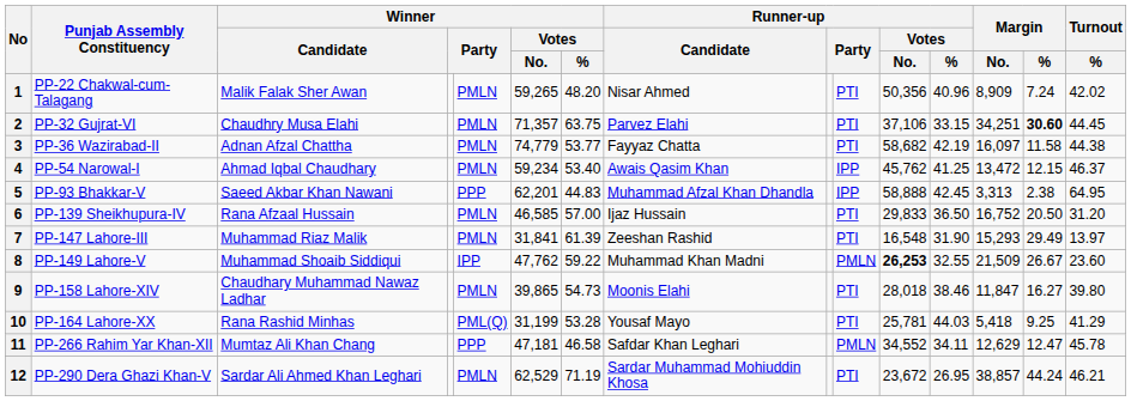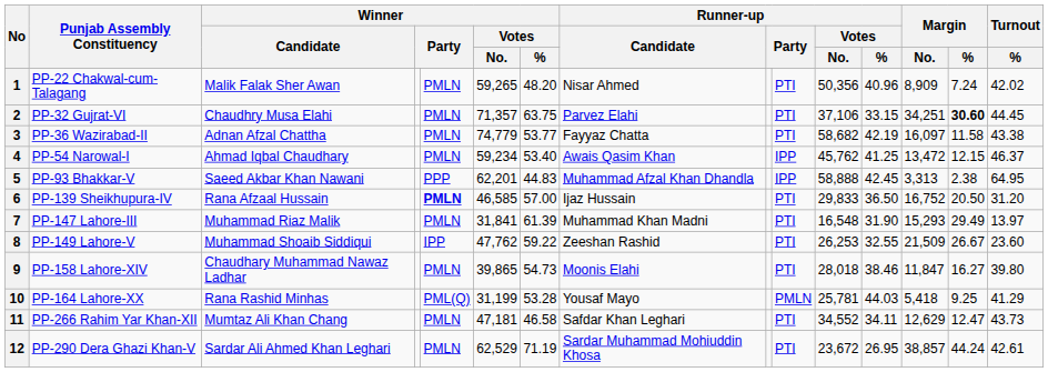 <table class="wikitable sortable">
 <tr>
 <th rowspan="3">No</th>
 <th rowspan="3"><a href='#'>Punjab Assembly</a><br>Constituency</th>
 <th colspan="5">Winner</th>
 <th colspan="5">Runner-up</th>
 <th colspan="2" rowspan="2">Margin</th>
 <th rowspan="2">Turnout</th>
 </tr>
 <tr>
 <th rowspan="2">Candidate</th>
 <th colspan="2" rowspan="2">Party</th>
 <th colspan="2">Votes</th>
 <th rowspan="2">Candidate</th>
 <th colspan="2" rowspan="2">Party</th>
 <th colspan="2">Votes</th>
 </tr>
 <tr>
 <th>No.</th>
 <th>%</th>
 <th>No.</th>
 <th>%</th>
 <th>No.</th>
 <th>%</th>
 <th>%</th>
 </tr>
 <tr>
 <th>1</th>
 <td><a href='#'>PP-22 Chakwal-cum-Talagang</a></td>
 <td><a href='#'>Malik Falak Sher Awan</a></td>
 <td></td>
 <td><a href='#'>PMLN</a></td>
 <td>59,265</td>
 <td>48.20</td>
 <td>Nisar Ahmed</td>
 <td></td>
 <td><a href='#'>PTI</a></td>
 <td>50,356</td>
 <td>40.96</td>
 <td>8,909</td>
 <td>7.24</td>
 <td>42.02</td>
 </tr>
 <tr>
 <th>2</th>
 <td><a href='#'>PP-32 Gujrat-VI</a></td>
 <td><a href='#'>Chaudhry Musa Elahi</a></td>
 <td></td>
 <td><a href='#'>PMLN</a></td>
 <td>71,357</td>
 <td>63.75</td>
 <td><a href='#'>Parvez Elahi</a></td>
 <td></td>
 <td><a href='#'>PTI</a></td>
 <td>37,106</td>
 <td>33.15</td>
 <td>34,251</td>
 <td><strong>30.60</strong></td>
 <td>44.45</td>
 </tr>
 <tr>
 <th>3</th>
 <td><a href='#'>PP-36 Wazirabad-II</a></td>
 <td><a href='#'>Adnan Afzal Chattha</a></td>
 <td></td>
 <td><a href='#'>PMLN</a></td>
 <td>74,779</td>
 <td>53.77</td>
 <td>Fayyaz Chatta</td>
 <td></td>
 <td><a href='#'>PTI</a></td>
 <td>58,682</td>
 <td>42.19</td>
 <td>16,097</td>
 <td>11.58</td>
-<td>44.38</td>
+<td>43.38</td>
 </tr>
 <tr>
 <th>4</th>
 <td><a href='#'>PP-54 Narowal-I</a></td>
 <td><a href='#'>Ahmad Iqbal Chaudhary</a></td>
 <td></td>
 <td><a href='#'>PMLN</a></td>
 <td>59,234</td>
 <td>53.40</td>
 <td><a href='#'>Awais Qasim Khan</a></td>
 <td></td>
 <td><a href='#'>IPP</a></td>
 <td>45,762</td>
 <td>41.25</td>
 <td>13,472</td>
 <td>12.15</td>
 <td>46.37</td>
 </tr>
 <tr>
 <th>5</th>
 <td><a href='#'>PP-93 Bhakkar-V</a></td>
 <td><a href='#'>Saeed Akbar Khan Nawani</a></td>
 <td></td>
 <td><a href='#'>PPP</a></td>
 <td>62,201</td>
 <td>44.83</td>
 <td><a href='#'>Muhammad Afzal Khan Dhandla</a></td>
 <td></td>
 <td><a href='#'>IPP</a></td>
 <td>58,888</td>
 <td>42.45</td>
 <td>3,313</td>
 <td>2.38</td>
 <td>64.95</td>
 </tr>
 <tr>
 <th>6</th>
 <td><a href='#'>PP-139 Sheikhupura-IV</a></td>
 <td><a href='#'>Rana Afzaal Hussain</a></td>
 <td></td>
-<td><a href='#'>PMLN</a></td>
+<td><strong><a href='#'>PMLN</a></strong></td>
 <td>46,585</td>
 <td>57.00</td>
 <td>Ijaz Hussain</td>
 <td></td>
 <td><a href='#'>PTI</a></td>
 <td>29,833</td>
 <td>36.50</td>
 <td>16,752</td>
 <td>20.50</td>
 <td>31.20</td>
 </tr>
 <tr>
 <th>7</th>
 <td><a href='#'>PP-147 Lahore-III</a></td>
 <td><a href='#'>Muhammad Riaz Malik</a></td>
 <td></td>
 <td><a href='#'>PMLN</a></td>
 <td>31,841</td>
 <td>61.39</td>
-<td>Zeeshan Rashid</td>
+<td>Muhammad Khan Madni</td>
 <td></td>
 <td><a href='#'>PTI</a></td>
 <td>16,548</td>
 <td>31.90</td>
 <td>15,293</td>
 <td>29.49</td>
 <td>13.97</td>
 </tr>
 <tr>
 <th>8</th>
 <td><a href='#'>PP-149 Lahore-V</a></td>
 <td><a href='#'>Muhammad Shoaib Siddiqui</a></td>
 <td></td>
 <td><a href='#'>IPP</a></td>
 <td>47,762</td>
 <td>59.22</td>
-<td>Muhammad Khan Madni</td>
+<td>Zeeshan Rashid</td>
 <td></td>
-<td><a href='#'>PMLN</a></td>
-<td><strong>26,253</strong></td>
+<td><a href='#'>PTI</a></td>
+<td>26,253</td>
 <td>32.55</td>
 <td>21,509</td>
 <td>26.67</td>
 <td>23.60</td>
 </tr>
 <tr>
 <th>9</th>
 <td><a href='#'>PP-158 Lahore-XIV</a></td>
 <td><a href='#'>Chaudhary Muhammad Nawaz Ladhar</a></td>
 <td></td>
 <td><a href='#'>PMLN</a></td>
 <td>39,865</td>
 <td>54.73</td>
 <td><a href='#'>Moonis Elahi</a></td>
 <td></td>
 <td><a href='#'>PTI</a></td>
 <td>28,018</td>
 <td>38.46</td>
 <td>11,847</td>
 <td>16.27</td>
 <td>39.80</td>
 </tr>
 <tr>
 <th>10</th>
 <td><a href='#'>PP-164 Lahore-XX</a></td>
 <td><a href='#'>Rana Rashid Minhas</a></td>
 <td></td>
 <td><a href='#'>PML(Q)</a></td>
 <td>31,199</td>
 <td>53.28</td>
 <td>Yousaf Mayo</td>
 <td></td>
-<td><a href='#'>PTI</a></td>
+<td><a href='#'>PMLN</a></td>
 <td>25,781</td>
 <td>44.03</td>
 <td>5,418</td>
 <td>9.25</td>
 <td>41.29</td>
 </tr>
 <tr>
 <th>11</th>
 <td><a href='#'>PP-266 Rahim Yar Khan-XII</a></td>
 <td><a href='#'>Mumtaz Ali Khan Chang</a></td>
 <td></td>
-<td><a href='#'>PPP</a></td>
+<td><a href='#'>PMLN</a></td>
 <td>47,181</td>
 <td>46.58</td>
 <td>Safdar Khan Leghari</td>
 <td></td>
-<td><a href='#'>PMLN</a></td>
+<td><a href='#'>PTI</a></td>
 <td>34,552</td>
 <td>34.11</td>
 <td>12,629</td>
 <td>12.47</td>
-<td>45.78</td>
+<td>43.73</td>
 </tr>
 <tr>
 <th>12</th>
 <td><a href='#'>PP-290 Dera Ghazi Khan-V</a></td>
 <td><a href='#'>Sardar Ali Ahmed Khan Leghari</a></td>
 <td></td>
 <td><a href='#'>PMLN</a></td>
 <td>62,529</td>
 <td>71.19</td>
 <td><a href='#'>Sardar Muhammad Mohiuddin Khosa</a></td>
 <td></td>
 <td><a href='#'>PTI</a></td>
 <td>23,672</td>
 <td>26.95</td>
 <td>38,857</td>
 <td>44.24</td>
-<td>46.21</td>
+<td>42.61</td>
 </tr>
 </table>
